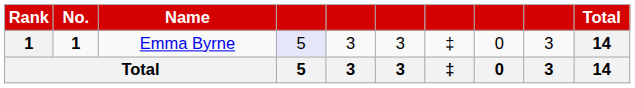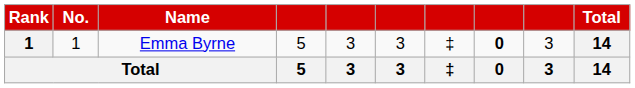 <table class="wikitable" style="text-align:center; font-size:100%; ">
 <tr>
 <th style="background:#d50000; color:white; text-align:center; width:40px">Rank</th>
 <th style="background:#d50000; color:white; text-align:center; width:40px">No.</th>
 <th style="background:#d50000; color:white; text-align:center; width:200px">Name</th>
 <th style="background:#d50000; color:white; text-align:center; width:50px;"></th>
 <th style="background:#d50000; color:white; text-align:center; width:50px;"></th>
 <th style="background:#d50000; color:white; text-align:center; width:50px;"></th>
 <th style="background:#d50000; color:white; text-align:center; width:50px;"></th>
 <th style="background:#d50000; color:white; text-align:center; width:50px;"></th>
 <th style="background:#d50000; color:white; text-align:center; width:50px;"></th>
 <th style="background:#d50000; color:white; text-align:center; width:50px;">Total</th>
 </tr>
 <tr>
 <th>1</th>
-<td><strong>1</strong></td>
+<td>1</td>
 <td> <a href='#'>Emma Byrne</a></td>
-<td style="background: lavender;">5</td>
+<td>5</td>
 <td>3</td>
 <td>3</td>
 <td>‡</td>
-<td>0</td>
+<td><strong>0</strong></td>
 <td>3</td>
 <th>14</th>
 </tr>
 <tr>
 <th colspan="3">Total</th>
 <th>5</th>
 <th>3</th>
 <th>3</th>
 <th>‡</th>
 <th>0</th>
 <th>3</th>
 <th>14</th>
 </tr>
 </table>
